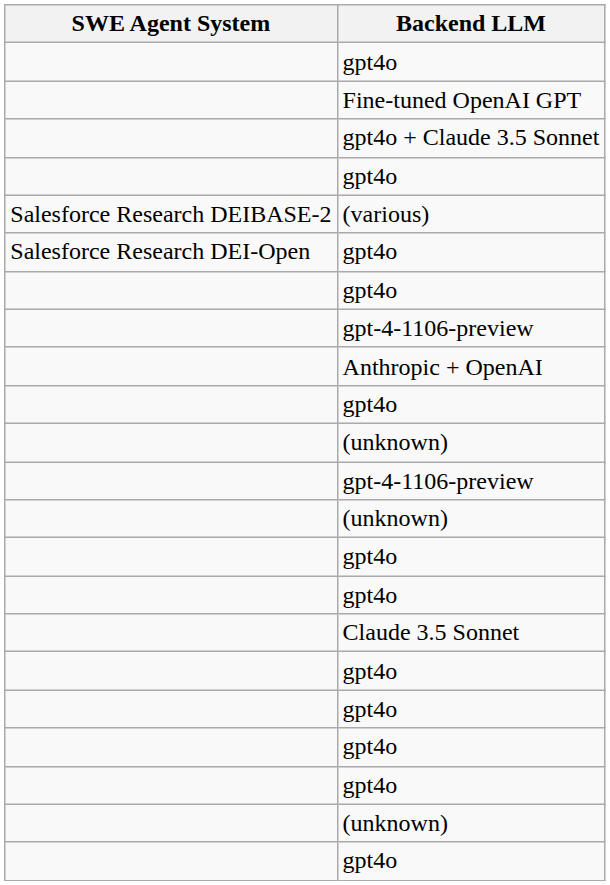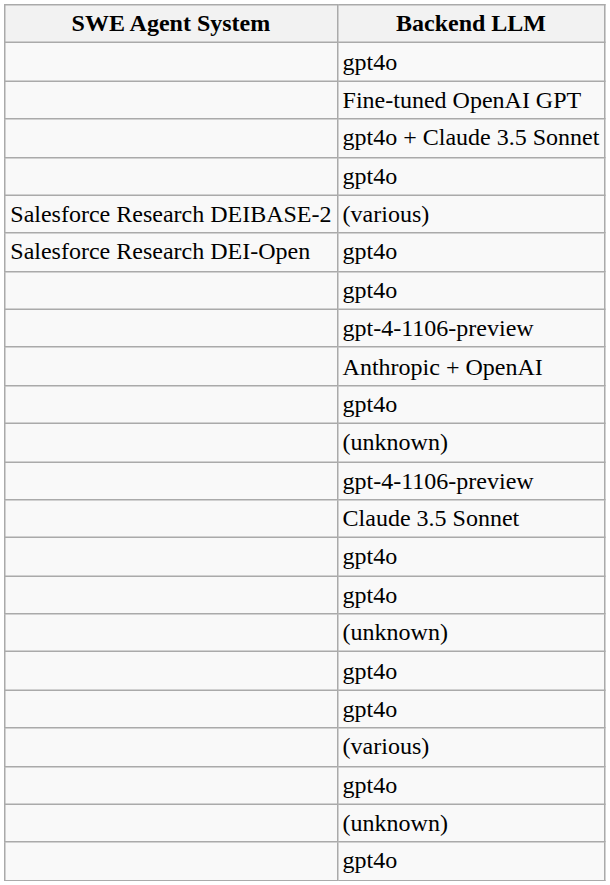 <table class="wikitable">
 <tr>
 <th>SWE Agent System</th>
 <th>Backend LLM</th>
 </tr>
 <tr>
 <td></td>
 <td>gpt4o</td>
 </tr>
 <tr>
 <td></td>
 <td>Fine-tuned OpenAI GPT</td>
 </tr>
 <tr>
 <td></td>
 <td>gpt4o + Claude 3.5 Sonnet</td>
 </tr>
 <tr>
 <td></td>
 <td>gpt4o</td>
 </tr>
 <tr>
 <td>Salesforce Research DEIBASE-2</td>
 <td>(various)</td>
 </tr>
 <tr>
 <td>Salesforce Research DEI-Open</td>
 <td>gpt4o</td>
 </tr>
 <tr>
 <td></td>
 <td>gpt4o</td>
 </tr>
 <tr>
 <td></td>
 <td>gpt-4-1106-preview</td>
 </tr>
 <tr>
 <td></td>
 <td>Anthropic + OpenAI</td>
 </tr>
 <tr>
 <td></td>
 <td>gpt4o</td>
 </tr>
 <tr>
 <td></td>
 <td>(unknown)</td>
 </tr>
 <tr>
 <td></td>
 <td>gpt-4-1106-preview</td>
 </tr>
 <tr>
 <td></td>
-<td>(unknown)</td>
-</tr>
-<tr>
-<td></td>
-<td>gpt4o</td>
-</tr>
-<tr>
-<td></td>
-<td>gpt4o</td>
-</tr>
-<tr>
-<td></td>
 <td>Claude 3.5 Sonnet</td>
-</tr>
-<tr>
-<td></td>
-<td>gpt4o</td>
-</tr>
-<tr>
-<td></td>
-<td>gpt4o</td>
 </tr>
 <tr>
 <td></td>
 <td>gpt4o</td>
 </tr>
 <tr>
 <td></td>
 <td>gpt4o</td>
 </tr>
 <tr>
 <td></td>
 <td>(unknown)</td>
 </tr>
 <tr>
 <td></td>
 <td>gpt4o</td>
 </tr>
+<tr>
+<td></td>
+<td>gpt4o</td>
+</tr>
+<tr>
+<td></td>
+<td>(various)</td>
+</tr>
+<tr>
+<td></td>
+<td>gpt4o</td>
+</tr>
+<tr>
+<td></td>
+<td>(unknown)</td>
+</tr>
+<tr>
+<td></td>
+<td>gpt4o</td>
+</tr>
 </table>
